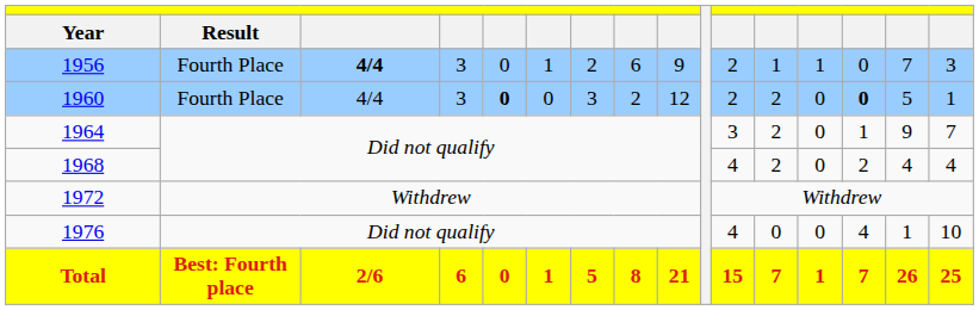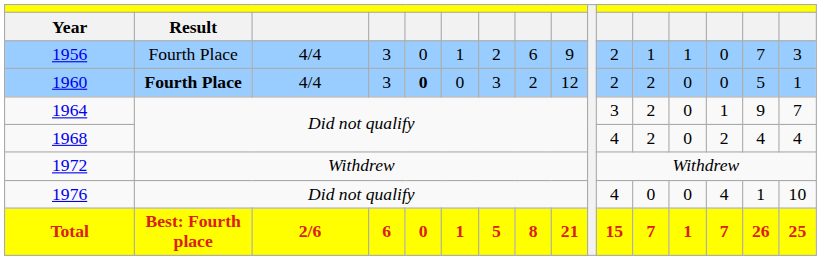 <table class="wikitable" style="text-align:center;">
 <tr>
 <th colspan="9" style="background: #FFFF00; color: #DB2017;"><a href='#'></a></th>
 <th rowspan="13" style="width:1%;"></th>
 <th colspan="6" style="background: #FFFF00; color: #DB2017;"><a href='#'></a></th>
 </tr>
 <tr>
 <th width="90">Year</th>
 <th width="80">Result</th>
 <th width="80"></th>
 <th width="20"></th>
 <th width="20"></th>
 <th width="20"></th>
 <th width="20"></th>
 <th width="20"></th>
 <th width="20"></th>
 <th width="20"></th>
 <th width="20"></th>
 <th width="20"></th>
 <th width="20"></th>
 <th width="20"></th>
 <th width="20"></th>
 </tr>
 <tr bgcolor="#9acdff">
 <td> <a href='#'>1956</a></td>
 <td>Fourth Place</td>
-<td><strong>4/4</strong></td>
+<td>4/4</td>
 <td>3</td>
 <td>0</td>
 <td>1</td>
 <td>2</td>
 <td>6</td>
 <td>9</td>
 <td>2</td>
 <td>1</td>
 <td>1</td>
 <td>0</td>
 <td>7</td>
 <td>3</td>
 </tr>
 <tr bgcolor="#9acdff">
 <td> <a href='#'>1960</a></td>
-<td>Fourth Place</td>
+<td><strong>Fourth Place</strong></td>
 <td>4/4</td>
 <td>3</td>
 <td><strong>0</strong></td>
 <td>0</td>
 <td>3</td>
 <td>2</td>
 <td>12</td>
 <td>2</td>
 <td>2</td>
 <td>0</td>
-<td><strong>0</strong></td>
+<td>0</td>
 <td>5</td>
 <td>1</td>
 </tr>
 <tr>
 <td> <a href='#'>1964</a></td>
 <td colspan="8" rowspan="2"><em>Did not qualify</em></td>
 <td>3</td>
 <td>2</td>
 <td>0</td>
 <td>1</td>
 <td>9</td>
 <td>7</td>
 </tr>
 <tr>
 <td> <a href='#'>1968</a></td>
 <td>4</td>
 <td>2</td>
 <td>0</td>
 <td>2</td>
 <td>4</td>
 <td>4</td>
 </tr>
 <tr>
 <td> <a href='#'>1972</a></td>
 <td colspan="8"><em>Withdrew</em></td>
 <td colspan="6"><em>Withdrew</em></td>
 </tr>
 <tr>
 <td> <a href='#'>1976</a></td>
 <td colspan="8"><em>Did not qualify</em></td>
 <td>4</td>
 <td>0</td>
 <td>0</td>
 <td>4</td>
 <td>1</td>
 <td>10</td>
 </tr>
 <tr>
 <td colspan="1" style="background: #FFFF00; color: #DB2017;"><strong>Total</strong></td>
 <td style="background: #FFFF00; color: #DB2017;"><strong>Best: Fourth place</strong></td>
 <td style="background: #FFFF00; color: #DB2017;"><strong>2/6</strong></td>
 <td style="background: #FFFF00; color: #DB2017;"><strong>6</strong></td>
 <td style="background: #FFFF00; color: #DB2017;"><strong>0</strong></td>
 <td style="background: #FFFF00; color: #DB2017;"><strong>1</strong></td>
 <td style="background: #FFFF00; color: #DB2017;"><strong>5</strong></td>
 <td style="background: #FFFF00; color: #DB2017;"><strong>8</strong></td>
 <td style="background: #FFFF00; color: #DB2017;"><strong>21</strong></td>
 <td style="background: #FFFF00; color: #DB2017;"><strong>15</strong></td>
 <td style="background: #FFFF00; color: #DB2017;"><strong>7</strong></td>
 <td style="background: #FFFF00; color: #DB2017;"><strong>1</strong></td>
 <td style="background: #FFFF00; color: #DB2017;"><strong>7</strong></td>
 <td style="background: #FFFF00; color: #DB2017;"><strong>26</strong></td>
 <td style="background: #FFFF00; color: #DB2017;"><strong>25</strong></td>
 </tr>
 </table>
